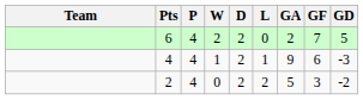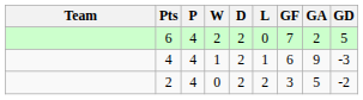 <table class="wikitable" style="text-align: center;">
 <tr>
 <th width="165">Team</th>
 <th width="20">Pts</th>
 <th width="20">P</th>
 <th width="20">W</th>
 <th width="20">D</th>
 <th width="20">L</th>
+<th width="20">GF</th>
 <th width="20">GA</th>
-<th width="20">GF</th>
 <th width="20">GD</th>
 </tr>
 <tr bgcolor=ccffcc>
 <td style="text-align:left;"></td>
 <td>6</td>
 <td>4</td>
 <td>2</td>
 <td>2</td>
 <td>0</td>
+<td>7</td>
 <td>2</td>
-<td>7</td>
 <td>5</td>
 </tr>
 <tr>
 <td></td>
 <td>4</td>
 <td>4</td>
 <td>1</td>
 <td>2</td>
 <td>1</td>
+<td>6</td>
 <td>9</td>
-<td>6</td>
 <td>-3</td>
 </tr>
 <tr>
 <td></td>
 <td>2</td>
 <td>4</td>
 <td>0</td>
 <td>2</td>
 <td>2</td>
+<td>3</td>
 <td>5</td>
-<td>3</td>
 <td>-2</td>
 </tr>
 </table>
